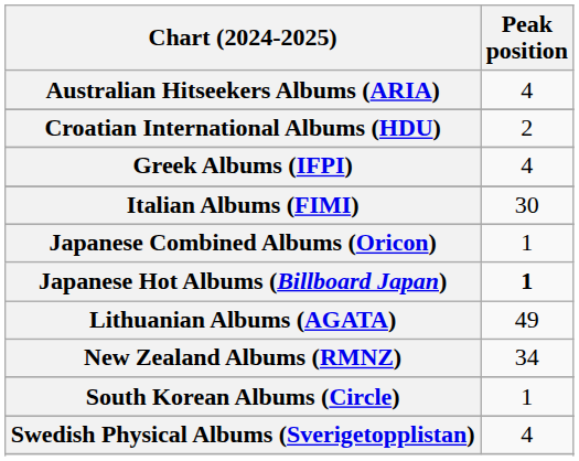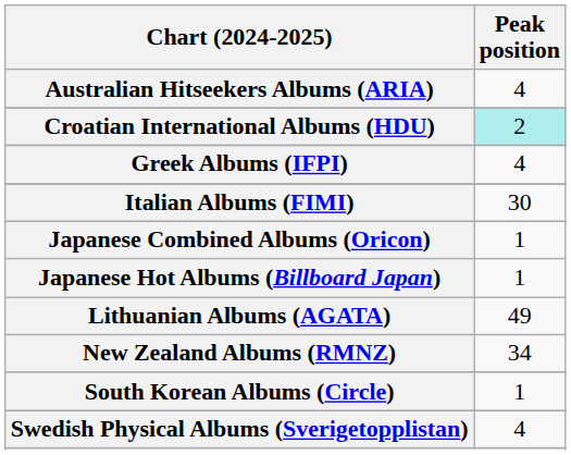 <table class="wikitable sortable plainrowheaders" style="text-align:center">
 <tr>
 <th scope="col">Chart (2024-2025)</th>
 <th scope="col">Peak<br>position</th>
 </tr>
 <tr>
 <th scope="row">Australian Hitseekers Albums (<a href='#'>ARIA</a>)</th>
 <td>4</td>
 </tr>
 <tr>
 </tr>
 <tr>
 </tr>
 <tr>
 </tr>
 <tr>
 <th scope="row">Croatian International Albums (<a href='#'>HDU</a>)</th>
-<td>2</td>
+<td style="background: paleturquoise;">2</td>
 </tr>
 <tr>
 </tr>
 <tr>
 </tr>
 <tr>
 <th scope="row">Greek Albums (<a href='#'>IFPI</a>)</th>
 <td>4</td>
 </tr>
 <tr>
 </tr>
 <tr>
 <th scope="row">Italian Albums (<a href='#'>FIMI</a>)</th>
 <td>30</td>
 </tr>
 <tr>
 </tr>
 <tr>
 <th scope="row">Japanese Combined Albums (<a href='#'>Oricon</a>)</th>
 <td>1</td>
 </tr>
 <tr>
 <th scope="row">Japanese Hot Albums (<em><a href='#'>Billboard Japan</a></em>)</th>
-<td><strong>1</strong></td>
+<td>1</td>
 </tr>
 <tr>
 <th scope="row">Lithuanian Albums (<a href='#'>AGATA</a>)</th>
 <td>49</td>
 </tr>
 <tr>
 <th scope="row">New Zealand Albums (<a href='#'>RMNZ</a>)</th>
 <td>34</td>
 </tr>
 <tr>
 </tr>
 <tr>
 </tr>
 <tr>
 <th scope="row">South Korean Albums (<a href='#'>Circle</a>)</th>
 <td>1</td>
 </tr>
 <tr>
 </tr>
 <tr>
 <th scope="row">Swedish Physical Albums (<a href='#'>Sverigetopplistan</a>)</th>
 <td>4</td>
 </tr>
 <tr>
 </tr>
 <tr>
 </tr>
 <tr>
 </tr>
 <tr>
 </tr>
 </table>
